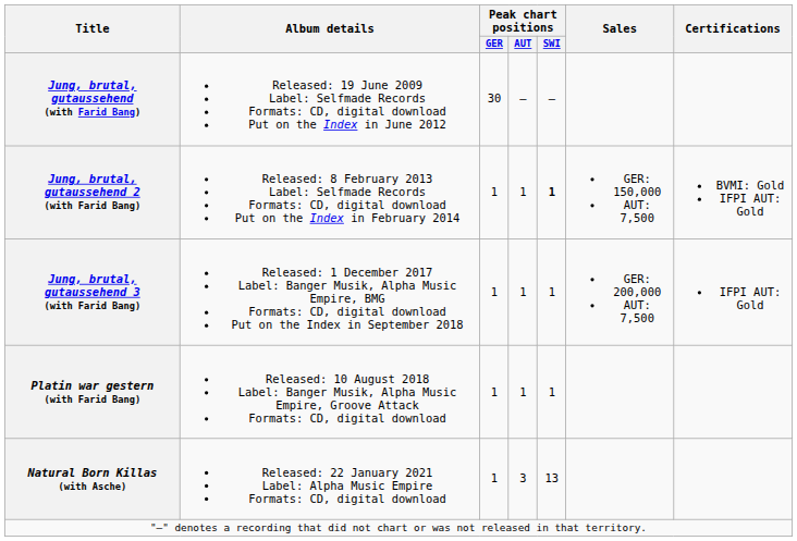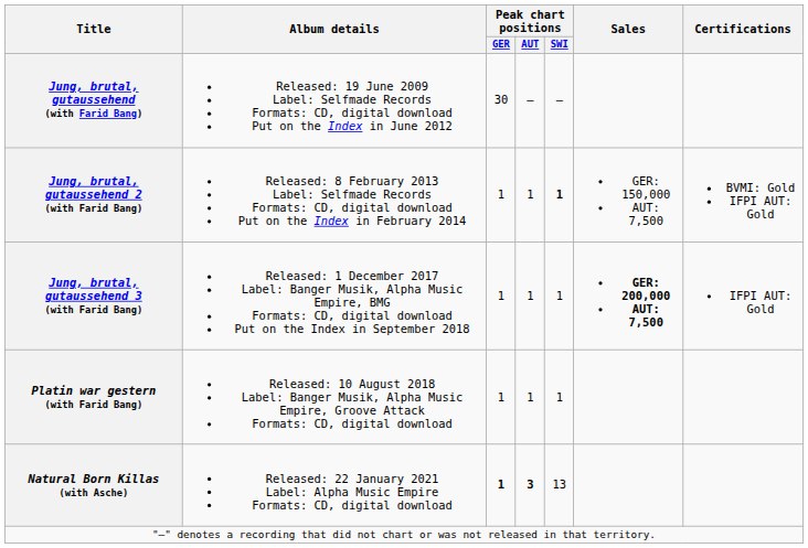 <table class="wikitable plainrowheaders" style="text-align:center;">
 <tr>
 <th scope="col" rowspan="2" style="width:15em;">Title</th>
 <th scope="col" rowspan="2" style="width:26em;">Album details</th>
 <th scope="col" colspan="3">Peak chart positions</th>
 <th scope="col" rowspan="2" style="width:9em;">Sales</th>
 <th scope="col" rowspan="2" style="width:10em;">Certifications</th>
 </tr>
 <tr>
 <th style="width:2.5em; font-size:85%"><a href='#'>GER</a><br></th>
 <th style="width:2.5em; font-size:85%"><a href='#'>AUT</a><br></th>
 <th style="width:2.5em; font-size:85%"><a href='#'>SWI</a><br></th>
 </tr>
 <tr>
 <th scope="row"><em><a href='#'>Jung, brutal, gutaussehend</a></em><br><small>(with <a href='#'>Farid Bang</a>)</small></th>
 <td><br><ul><li>Released: 19 June 2009</li><li>Label: Selfmade Records</li><li>Formats: CD, digital download</li><li>Put on the <em><a href='#'>Index</a></em> in June 2012</li></ul></td>
 <td>30</td>
 <td>—</td>
 <td>—</td>
 <td></td>
 <td></td>
 </tr>
 <tr>
 <th scope="row"><em><a href='#'>Jung, brutal, gutaussehend 2</a></em><br><small>(with Farid Bang)</small></th>
 <td><br><ul><li>Released: 8 February 2013</li><li>Label: Selfmade Records</li><li>Formats: CD, digital download</li><li>Put on the <em><a href='#'>Index</a></em> in February 2014</li></ul></td>
 <td>1</td>
 <td>1</td>
 <td><strong>1</strong></td>
 <td><br><ul><li>GER: 150,000</li><li>AUT: 7,500</li></ul></td>
 <td><br><ul><li>BVMI: Gold</li><li>IFPI AUT: Gold</li></ul></td>
 </tr>
 <tr>
 <th scope="row"><em><a href='#'>Jung, brutal, gutaussehend 3</a></em><br><small>(with Farid Bang)</small></th>
 <td><br><ul><li>Released: 1 December 2017</li><li>Label: Banger Musik, Alpha Music Empire, BMG</li><li>Formats: CD, digital download</li><li>Put on the Index in September 2018</li></ul></td>
 <td>1</td>
 <td>1</td>
 <td>1</td>
-<td><br><ul><li>GER: 200,000</li><li>AUT: 7,500</li></ul></td>
+<td><strong><br><ul><li>GER: 200,000</li><li>AUT: 7,500</li></ul></strong></td>
 <td><br><ul><li>IFPI AUT: Gold</li></ul></td>
 </tr>
 <tr>
 <th scope="row"><em>Platin war gestern</em><br><small>(with Farid Bang)</small></th>
 <td><br><ul><li>Released: 10 August 2018</li><li>Label: Banger Musik, Alpha Music Empire, Groove Attack</li><li>Formats: CD, digital download</li></ul></td>
 <td>1</td>
 <td>1</td>
 <td>1</td>
 <td></td>
 <td></td>
 </tr>
 <tr>
 <th scope="row"><em>Natural Born Killas</em><br><small>(with Asche)</small></th>
 <td><br><ul><li>Released: 22 January 2021</li><li>Label: Alpha Music Empire</li><li>Formats: CD, digital download</li></ul></td>
-<td>1</td>
-<td>3</td>
+<td><strong>1</strong></td>
+<td><strong>3</strong></td>
 <td>13</td>
 <td></td>
 <td></td>
 </tr>
 <tr>
 <td colspan="7" style="font-size:90%">"—" denotes a recording that did not chart or was not released in that territory.</td>
 </tr>
 </table>
